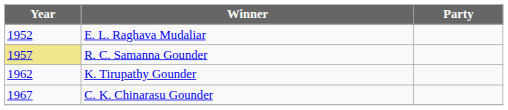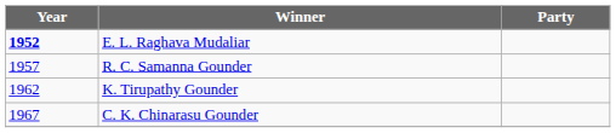 <table class="wikitable sortable" width="50%">
 <tr>
 <th style="background-color:#666666; color:white">Year</th>
 <th style="background-color:#666666; color:white">Winner</th>
 <th style="background-color:#666666; color:white" colspan="2">Party</th>
 </tr>
 <tr>
-<td><a href='#'>1952</a></td>
+<td><strong><a href='#'>1952</a></strong></td>
 <td><a href='#'>E. L. Raghava Mudaliar</a></td>
 <td></td>
 </tr>
 <tr>
-<td style="background: khaki;"><a href='#'>1957</a></td>
+<td><a href='#'>1957</a></td>
 <td><a href='#'>R. C. Samanna Gounder</a></td>
 <td></td>
 </tr>
 <tr>
 <td><a href='#'>1962</a></td>
 <td><a href='#'>K. Tirupathy Gounder</a></td>
 <td></td>
 </tr>
 <tr>
 <td><a href='#'>1967</a></td>
 <td><a href='#'>C. K. Chinarasu Gounder</a></td>
 <td></td>
 </tr>
 <tr>
 </tr>
 </table>
